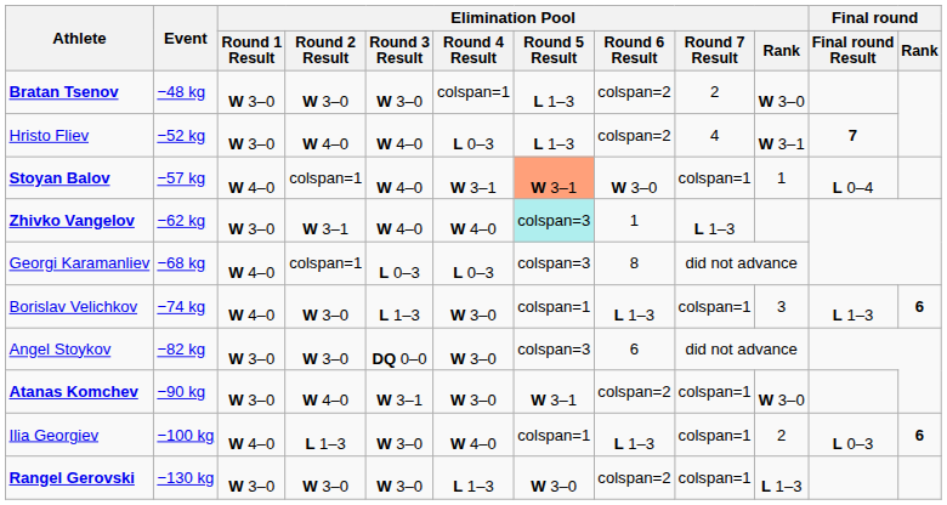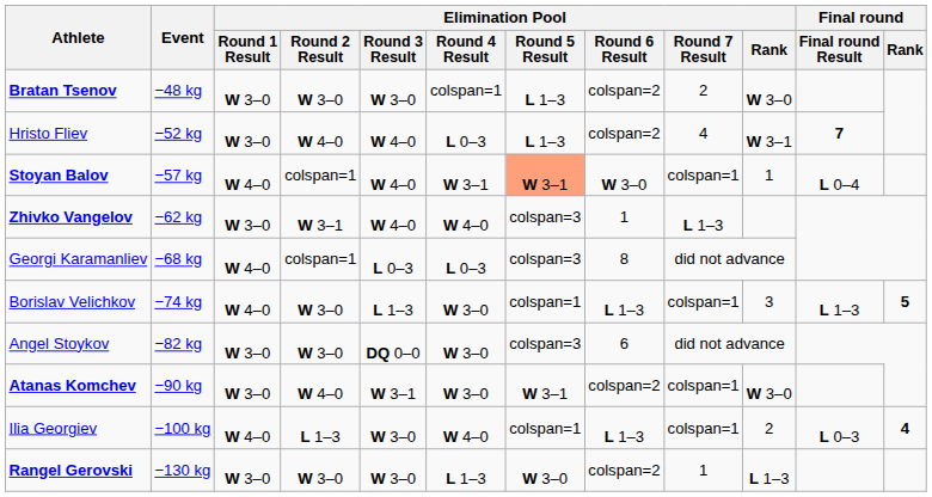 <table class="wikitable" style="font-size:90%; text-align:center;">
 <tr>
 <th rowspan="2">Athlete</th>
 <th rowspan="2">Event</th>
 <th colspan=8>Elimination Pool</th>
 <th colspan=2>Final round</th>
 </tr>
 <tr style="font-size: 95%">
 <th>Round 1<br>Result</th>
 <th>Round 2<br>Result</th>
 <th>Round 3<br>Result</th>
 <th>Round 4<br>Result</th>
 <th>Round 5<br>Result</th>
 <th>Round 6<br>Result</th>
 <th>Round 7<br>Result</th>
 <th>Rank</th>
 <th>Final round<br>Result</th>
 <th>Rank</th>
 </tr>
 <tr>
 <td align=left><strong><a href='#'>Bratan Tsenov</a></strong></td>
 <td align=left><a href='#'>−48 kg</a></td>
 <td><br><strong>W</strong> 3–0</td>
 <td><br><strong>W</strong> 3–0</td>
 <td><br><strong>W</strong> 3–0</td>
 <td>colspan=1 </td>
 <td><br><strong>L</strong> 1–3</td>
 <td>colspan=2 </td>
 <td>2</td>
 <td><br><strong>W</strong> 3–0</td>
 <td></td>
 </tr>
 <tr>
 <td align=left><a href='#'>Hristo Fliev</a></td>
 <td align=left><a href='#'>−52 kg</a></td>
 <td><br><strong>W</strong> 3–0</td>
 <td><br><strong>W</strong> 4–0</td>
 <td><br><strong>W</strong> 4–0</td>
 <td><br><strong>L</strong> 0–3</td>
 <td><br><strong>L</strong> 1–3</td>
 <td>colspan=2 </td>
 <td>4</td>
 <td><br><strong>W</strong> 3–1</td>
 <td><strong>7</strong></td>
 </tr>
 <tr>
 <td align=left><strong><a href='#'>Stoyan Balov</a></strong></td>
 <td align=left><a href='#'>−57 kg</a></td>
 <td><br><strong>W</strong> 4–0</td>
 <td>colspan=1 </td>
 <td><br><strong>W</strong> 4–0</td>
 <td><br><strong>W</strong> 3–1</td>
 <td style="background: lightsalmon;"><br><strong>W</strong> 3–1</td>
 <td><br><strong>W</strong> 3–0</td>
 <td>colspan=1 </td>
 <td>1</td>
 <td><br><strong>L</strong> 0–4</td>
 <td></td>
 </tr>
 <tr>
 <td align=left><strong><a href='#'>Zhivko Vangelov</a></strong></td>
 <td align=left><a href='#'>−62 kg</a></td>
 <td><br><strong>W</strong> 3–0</td>
 <td><br><strong>W</strong> 3–1</td>
 <td><br><strong>W</strong> 4–0</td>
 <td><br><strong>W</strong> 4–0</td>
-<td style="background: paleturquoise;">colspan=3 </td>
+<td>colspan=3 </td>
 <td>1</td>
 <td><br><strong>L</strong> 1–3</td>
 <td></td>
 </tr>
 <tr>
 <td align=left><a href='#'>Georgi Karamanliev</a></td>
 <td align=left><a href='#'>−68 kg</a></td>
 <td><br><strong>W</strong> 4–0</td>
 <td>colspan=1 </td>
 <td><br><strong>L</strong> 0–3</td>
 <td><br><strong>L</strong> 0–3</td>
 <td>colspan=3 </td>
 <td>8</td>
 <td colspan=2>did not advance</td>
 </tr>
 <tr>
 <td align=left><a href='#'>Borislav Velichkov</a></td>
 <td align=left><a href='#'>−74 kg</a></td>
 <td><br><strong>W</strong> 4–0</td>
 <td><br><strong>W</strong> 3–0</td>
 <td><br><strong>L</strong> 1–3</td>
 <td><br><strong>W</strong> 3–0</td>
 <td>colspan=1 </td>
 <td><br><strong>L</strong> 1–3</td>
 <td>colspan=1 </td>
 <td>3</td>
 <td><br><strong>L</strong> 1–3</td>
-<td><strong>6</strong></td>
+<td><strong>5</strong></td>
 </tr>
 <tr>
 <td align=left><a href='#'>Angel Stoykov</a></td>
 <td align=left><a href='#'>−82 kg</a></td>
 <td><br><strong>W</strong> 3–0</td>
 <td><br><strong>W</strong> 3–0</td>
 <td><br><strong>DQ</strong> 0–0</td>
 <td><br><strong>W</strong> 3–0</td>
 <td>colspan=3 </td>
 <td>6</td>
 <td colspan=2>did not advance</td>
 </tr>
 <tr>
 <td align=left><strong><a href='#'>Atanas Komchev</a></strong></td>
 <td align=left><a href='#'>−90 kg</a></td>
 <td><br><strong>W</strong> 3–0</td>
 <td><br><strong>W</strong> 4–0</td>
 <td><br><strong>W</strong> 3–1</td>
 <td><br><strong>W</strong> 3–0</td>
 <td><br><strong>W</strong> 3–1</td>
 <td>colspan=2 </td>
 <td>colspan=1 </td>
 <td><br><strong>W</strong> 3–0</td>
 <td></td>
 </tr>
 <tr>
 <td align=left><a href='#'>Ilia Georgiev</a></td>
 <td align=left><a href='#'>−100 kg</a></td>
 <td><br><strong>W</strong> 4–0</td>
 <td><br><strong>L</strong> 1–3</td>
 <td><br><strong>W</strong> 3–0</td>
 <td><br><strong>W</strong> 4–0</td>
 <td>colspan=1 </td>
 <td><br><strong>L</strong> 1–3</td>
 <td>colspan=1 </td>
 <td>2</td>
 <td><br><strong>L</strong> 0–3</td>
-<td><strong>6</strong></td>
+<td><strong>4</strong></td>
 </tr>
 <tr>
 <td align=left><strong><a href='#'>Rangel Gerovski</a></strong></td>
 <td align=left><a href='#'>−130 kg</a></td>
 <td><br><strong>W</strong> 3–0</td>
 <td><br><strong>W</strong> 3–0</td>
 <td><br><strong>W</strong> 3–0</td>
 <td><br><strong>L</strong> 1–3</td>
 <td><br><strong>W</strong> 3–0</td>
 <td>colspan=2 </td>
-<td>colspan=1 </td>
+<td>1</td>
 <td><br><strong>L</strong> 1–3</td>
 <td></td>
 </tr>
 </table>
